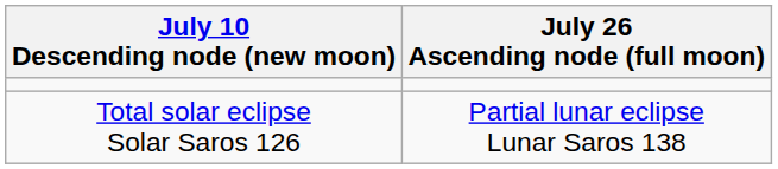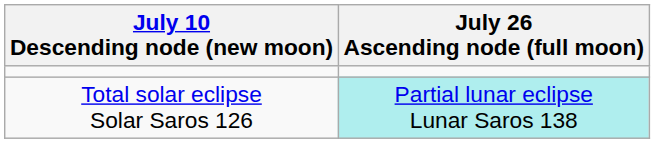 <table class="wikitable">
 <tr>
 <th><a href='#'>July 10</a><br>Descending node (new moon)<br></th>
 <th>July 26<br>Ascending node (full moon)<br></th>
 </tr>
 <tr>
 <td></td>
 <td></td>
 </tr>
 <tr align=center>
 <td><a href='#'>Total solar eclipse</a><br>Solar Saros 126</td>
-<td><a href='#'>Partial lunar eclipse</a><br>Lunar Saros 138</td>
+<td style="background: paleturquoise;"><a href='#'>Partial lunar eclipse</a><br>Lunar Saros 138</td>
 </tr>
 </table>
